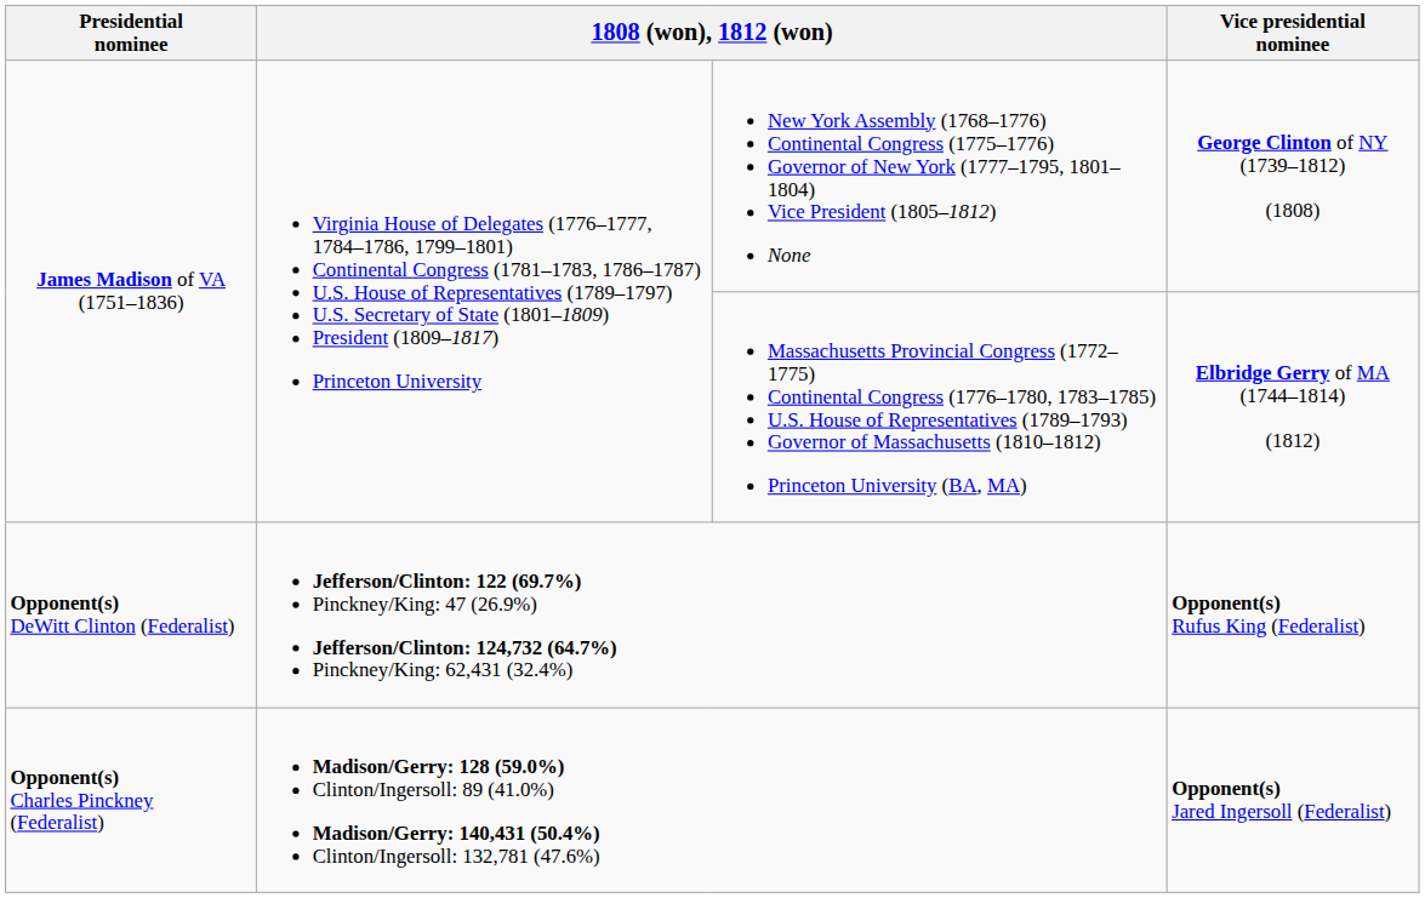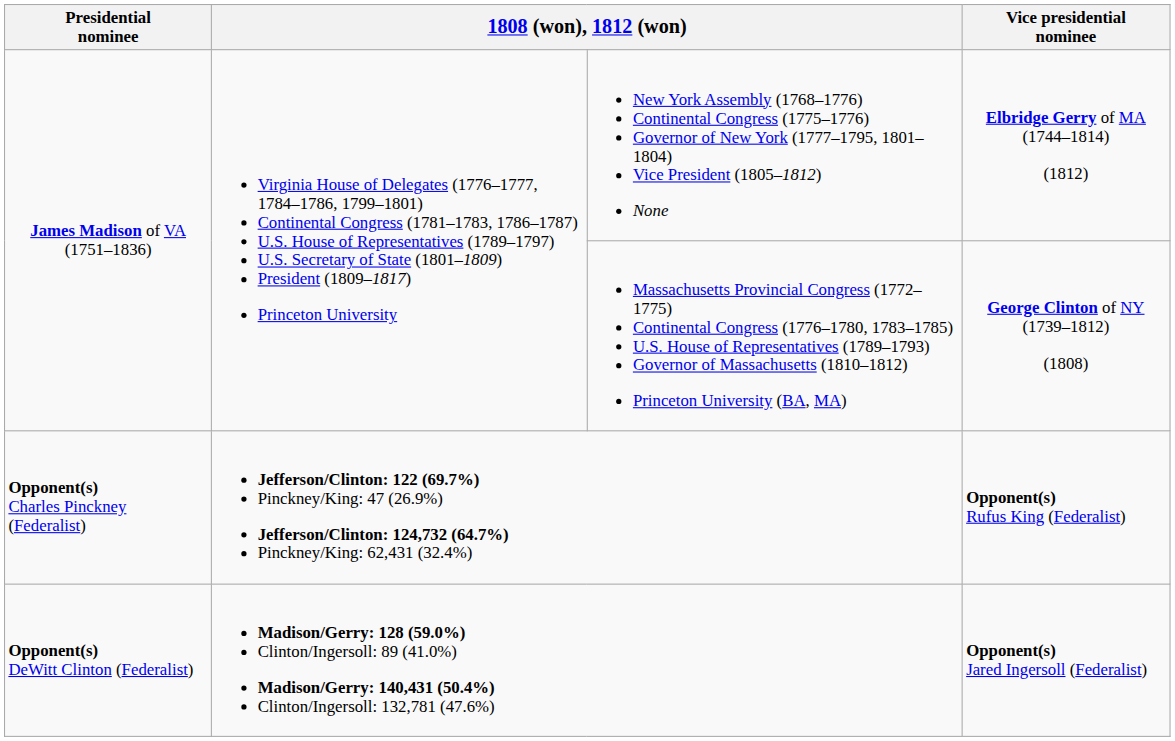 <table class="wikitable">
 <tr>
 <th width=190>Presidential<br>nominee</th>
 <th colspan=2><big><a href='#'>1808</a> (won), <a href='#'>1812</a> (won)</big></th>
 <th width=190>Vice presidential<br>nominee</th>
 </tr>
 <tr>
 <td rowspan=2 style="text-align:center;"><strong><a href='#'>James Madison</a></strong> of <a href='#'>VA</a><br>(1751–1836)<br></td>
 <td rowspan=2 width=350><br><ul><li><a href='#'>Virginia House of Delegates</a> (1776–1777, 1784–1786, 1799–1801)</li><li><a href='#'>Continental Congress</a> (1781–1783, 1786–1787)</li><li><a href='#'>U.S. House of Representatives</a> (1789–1797)</li><li><a href='#'>U.S. Secretary of State</a> (1801–<em>1809</em>)</li><li><a href='#'>President</a> (1809–<em>1817</em>)</li></ul><ul><li><a href='#'>Princeton University</a></li></ul></td>
 <td width=350><br><ul><li><a href='#'>New York Assembly</a> (1768–1776)</li><li><a href='#'>Continental Congress</a> (1775–1776)</li><li><a href='#'>Governor of New York</a> (1777–1795, 1801–1804)</li><li><a href='#'>Vice President</a> (1805–<em>1812</em>)</li></ul><ul><li><em>None</em></li></ul></td>
+<td style="text-align:center;"><strong><a href='#'>Elbridge Gerry</a></strong> of <a href='#'>MA</a><br>(1744–1814)<br><br>(1812)</td>
+</tr>
+<tr>
+<td><br><ul><li><a href='#'>Massachusetts Provincial Congress</a> (1772–1775)</li><li><a href='#'>Continental Congress</a> (1776–1780, 1783–1785)</li><li><a href='#'>U.S. House of Representatives</a> (1789–1793)</li><li><a href='#'>Governor of Massachusetts</a> (1810–1812)</li></ul><ul><li><a href='#'>Princeton University</a> (<a href='#'>BA</a>, <a href='#'>MA</a>)</li></ul></td>
 <td style="text-align:center;"><strong><a href='#'>George Clinton</a></strong> of <a href='#'>NY</a><br>(1739–1812)<br><br>(1808)</td>
 </tr>
 <tr>
-<td><br><ul><li><a href='#'>Massachusetts Provincial Congress</a> (1772–1775)</li><li><a href='#'>Continental Congress</a> (1776–1780, 1783–1785)</li><li><a href='#'>U.S. House of Representatives</a> (1789–1793)</li><li><a href='#'>Governor of Massachusetts</a> (1810–1812)</li></ul><ul><li><a href='#'>Princeton University</a> (<a href='#'>BA</a>, <a href='#'>MA</a>)</li></ul></td>
-<td style="text-align:center;"><strong><a href='#'>Elbridge Gerry</a></strong> of <a href='#'>MA</a><br>(1744–1814)<br><br>(1812)</td>
-</tr>
-<tr>
-<td><strong>Opponent(s)</strong><br><a href='#'>DeWitt Clinton</a> (<a href='#'>Federalist</a>)</td>
+<td><strong>Opponent(s)</strong><br><a href='#'>Charles Pinckney</a> (<a href='#'>Federalist</a>)</td>
 <td colspan=2><br><ul><li><strong>Jefferson/Clinton: 122 (69.7%)</strong></li><li>Pinckney/King: 47 (26.9%)</li></ul><ul><li><strong>Jefferson/Clinton: 124,732 (64.7%)</strong></li><li>Pinckney/King: 62,431 (32.4%)</li></ul></td>
 <td><strong>Opponent(s)</strong><br><a href='#'>Rufus King</a> (<a href='#'>Federalist</a>)</td>
 </tr>
 <tr>
-<td><strong>Opponent(s)</strong><br><a href='#'>Charles Pinckney</a> (<a href='#'>Federalist</a>)</td>
+<td><strong>Opponent(s)</strong><br><a href='#'>DeWitt Clinton</a> (<a href='#'>Federalist</a>)</td>
 <td colspan=2><br><ul><li><strong>Madison/Gerry: 128 (59.0%)</strong></li><li>Clinton/Ingersoll: 89 (41.0%)</li></ul><ul><li><strong>Madison/Gerry: 140,431 (50.4%)</strong></li><li>Clinton/Ingersoll: 132,781 (47.6%)</li></ul></td>
 <td><strong>Opponent(s)</strong><br><a href='#'>Jared Ingersoll</a> (<a href='#'>Federalist</a>)</td>
 </tr>
 </table>
